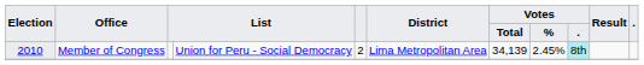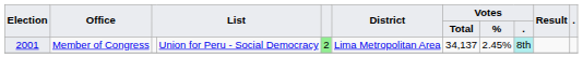 <table class="wikitable" style="font-size:90%; text-align:center;">
 <tr>
 <th style="background-color:#EAECF0;" rowspan=2>Election</th>
 <th style="background-color:#EAECF0;" rowspan=2>Office</th>
 <th style="background-color:#EAECF0;" colspan=2 rowspan=2>List</th>
 <th style="background-color:#EAECF0;" rowspan=2></th>
 <th style="background-color:#EAECF0;" rowspan=2>District</th>
 <th style="background-color:#EAECF0;" colspan=3>Votes</th>
 <th style="background-color:#EAECF0;" rowspan=2>Result</th>
 <th style="background-color:#EAECF0;" rowspan=2>.</th>
 </tr>
 <tr>
 <th style="background-color:#EAECF0;">Total</th>
 <th style="background-color:#EAECF0;">%</th>
 <th style="background-color:#EAECF0;">.</th>
 </tr>
 <tr>
-<td style="background-color:#EAECF0;"><a href='#'>2010</a></td>
+<td style="background-color:#EAECF0;"><a href='#'>2001</a></td>
 <td><a href='#'>Member of Congress</a></td>
 <td style="background-color:"></td>
 <td><a href='#'>Union for Peru - Social Democracy</a></td>
-<td>2</td>
+<td style="background: lightgreen;">2</td>
 <td><a href='#'>Lima Metropolitan Area</a></td>
-<td>34,139</td>
+<td>34,137</td>
 <td>2.45%</td>
 <td style="background: paleturquoise;">8th</td>
 <td></td>
 <td></td>
 </tr>
 <tr>
 </tr>
 </table>
